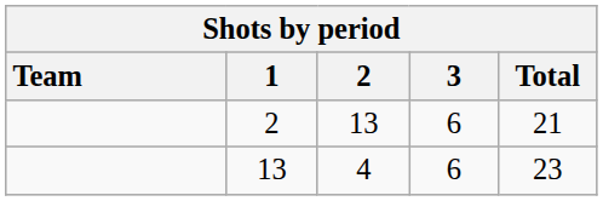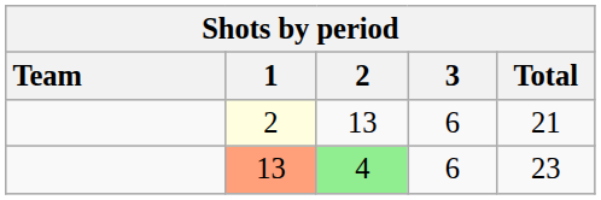 <table class="wikitable" style="width:20em; text-align:right;">
 <tr>
 <th colspan="6">Shots by period</th>
 </tr>
 <tr>
 <th style="width:8em; text-align:left;">Team</th>
 <th style="width:3em;">1</th>
 <th style="width:3em;">2</th>
 <th style="width:3em;">3</th>
 <th style="width:3em;">Total</th>
 </tr>
 <tr>
 <td style="text-align:left;"></td>
-<td style="text-align:center;">2</td>
+<td style="background: lightyellow; text-align:center;">2</td>
 <td style="text-align:center;">13</td>
 <td style="text-align:center;">6</td>
 <td style="text-align:center;">21</td>
 </tr>
 <tr>
 <td style="text-align:left;"></td>
-<td style="text-align:center;">13</td>
-<td style="text-align:center;">4</td>
+<td style="background: lightsalmon; text-align:center;">13</td>
+<td style="background: lightgreen; text-align:center;">4</td>
 <td style="text-align:center;">6</td>
 <td style="text-align:center;">23</td>
 </tr>
 </table>
